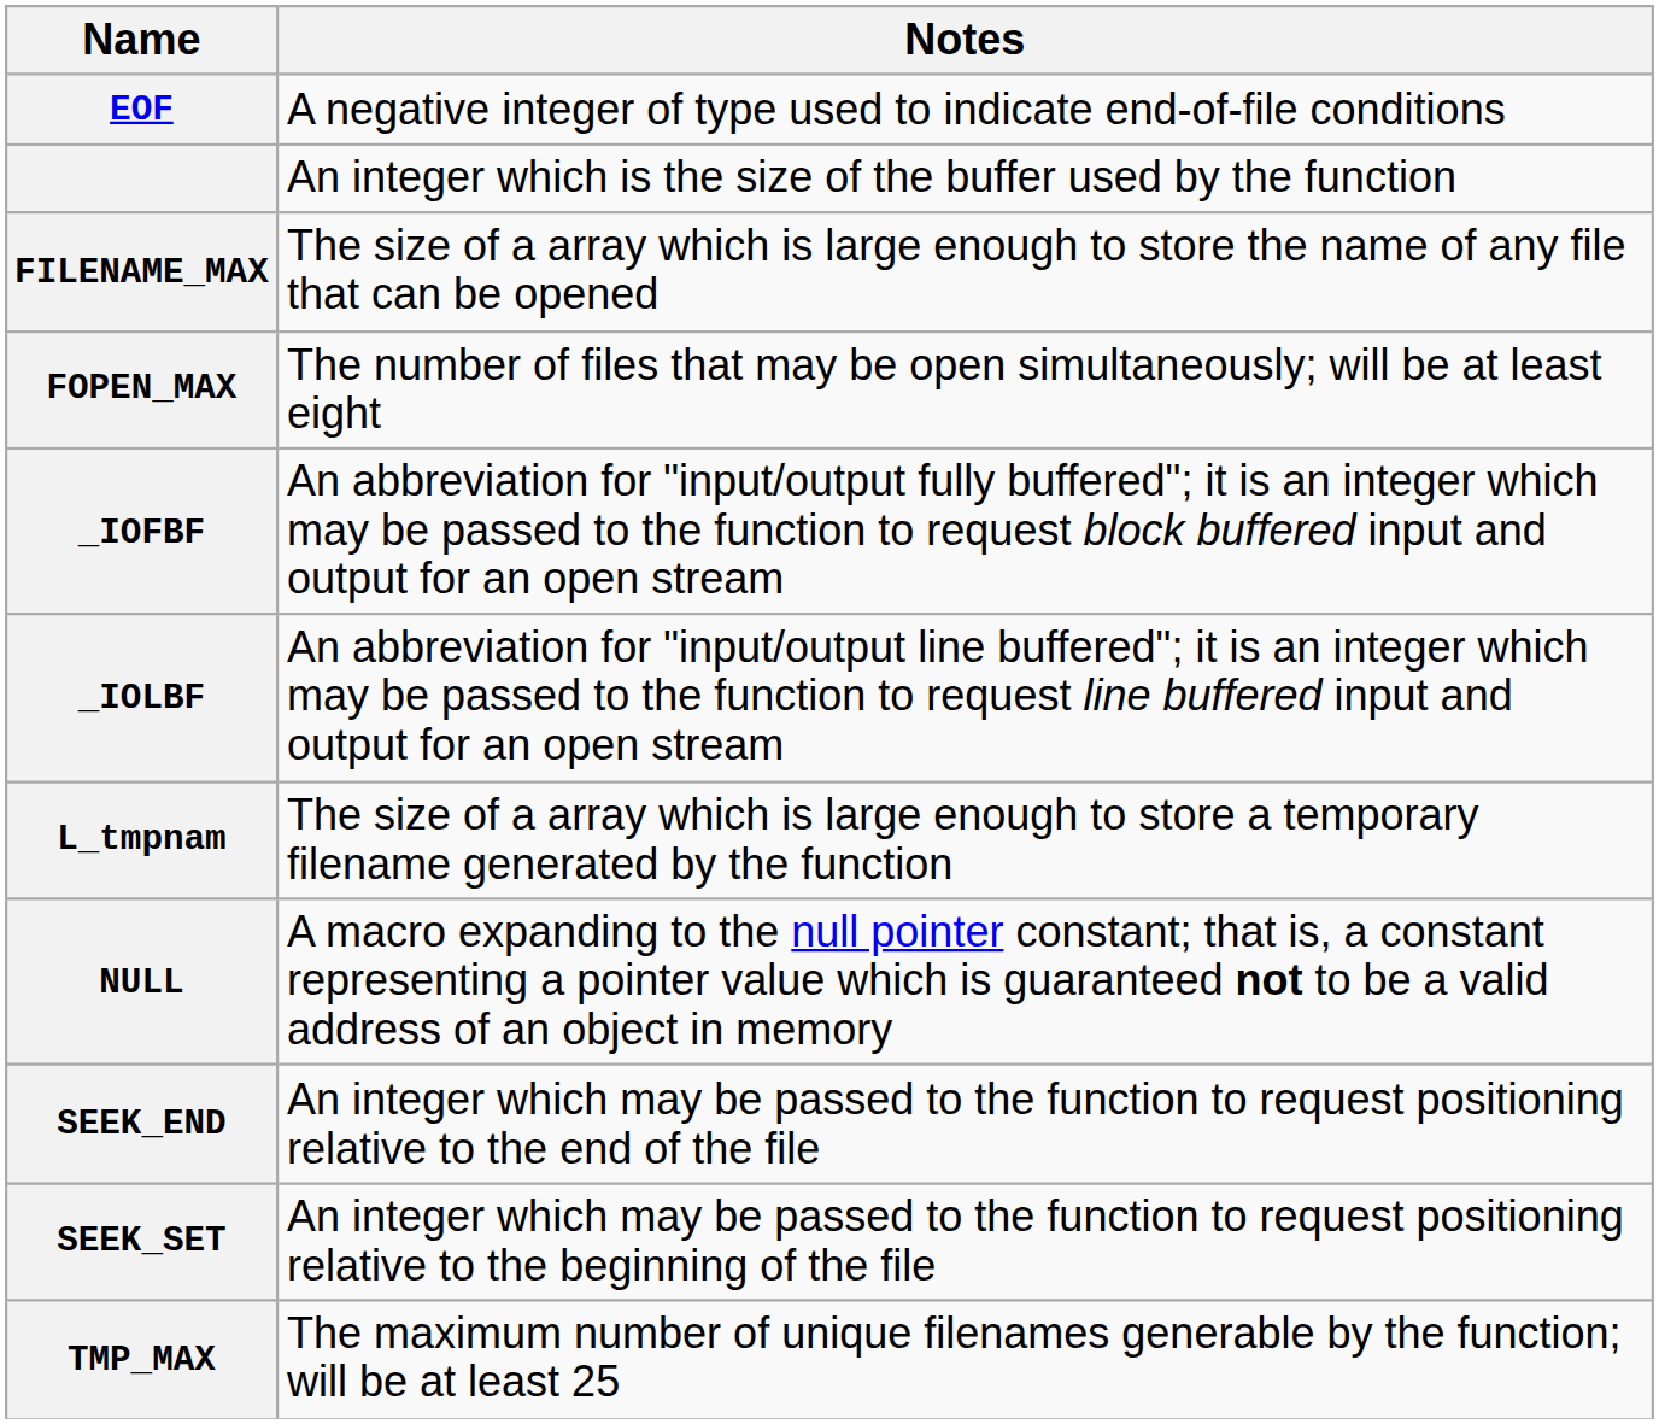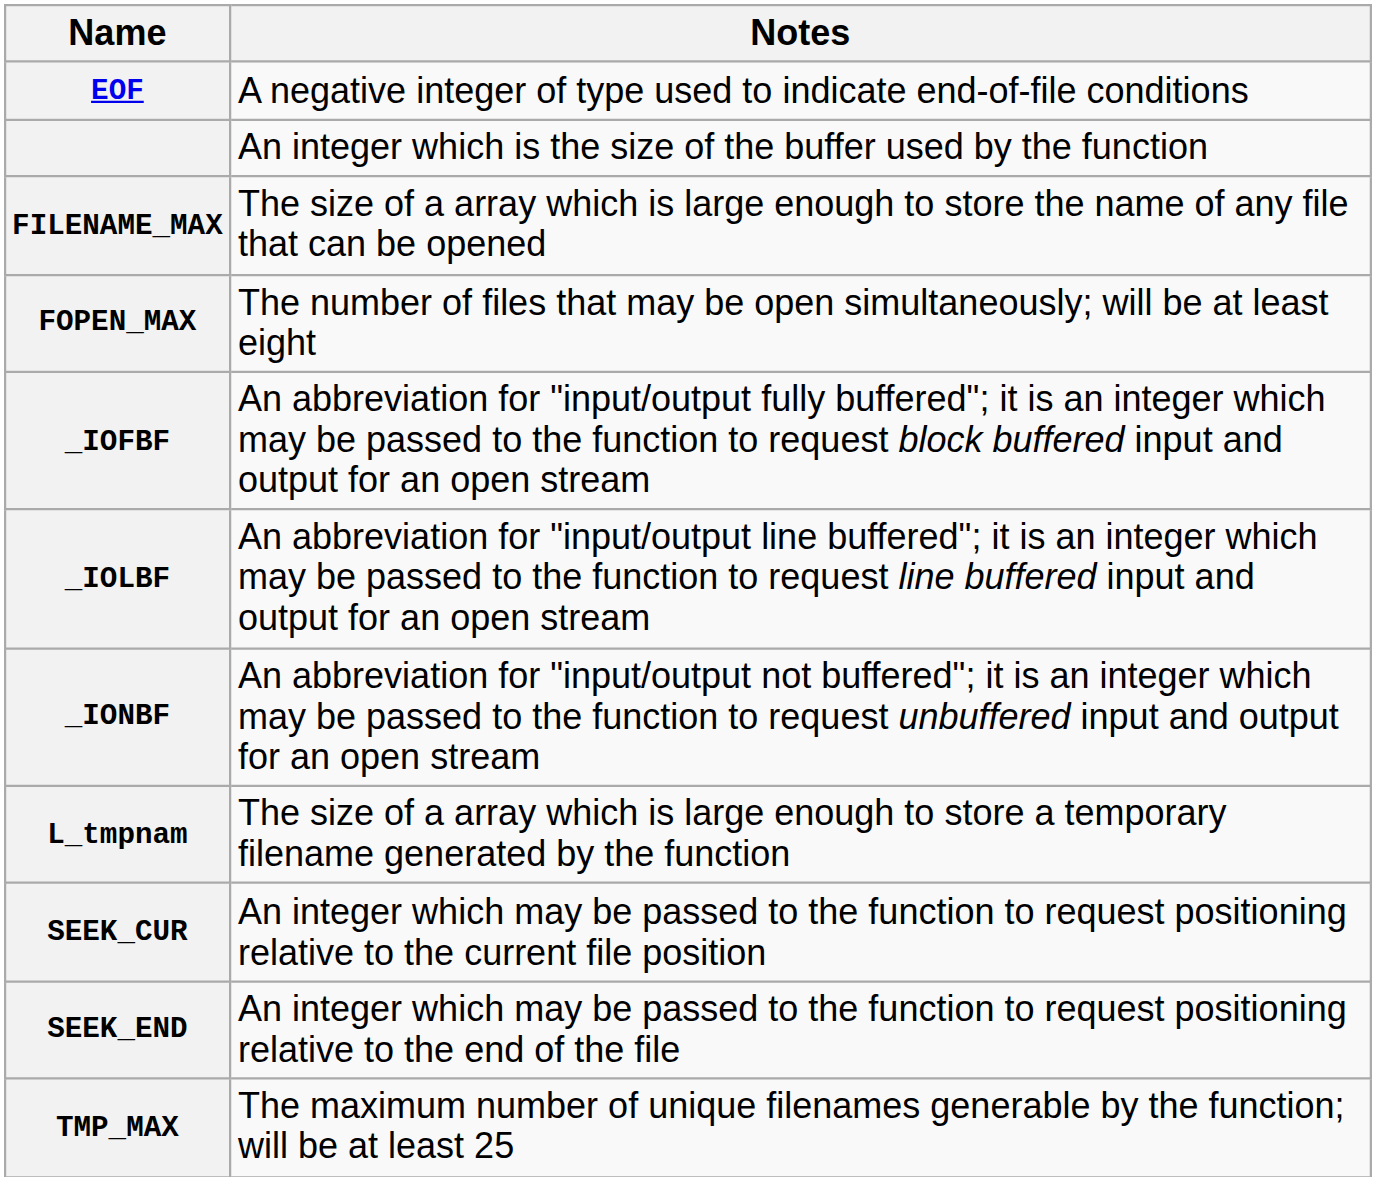 <table class="wikitable">
 <tr>
 <th>Name</th>
 <th>Notes</th>
 </tr>
 <tr>
 <th style="font-family:monospace"><a href='#'>EOF</a></th>
 <td>A negative integer of type  used to indicate end-of-file conditions</td>
 </tr>
 <tr>
 <th style="font-family:monospace"> </th>
 <td>An integer which is the size of the buffer used by the  function</td>
 </tr>
 <tr>
 <th style="font-family:monospace">FILENAME_MAX</th>
 <td>The size of a  array which is large enough to store the name of any file that can be opened</td>
 </tr>
 <tr>
 <th style="font-family:monospace">FOPEN_MAX</th>
 <td>The number of files that may be open simultaneously; will be at least eight</td>
 </tr>
 <tr>
 <th style="font-family:monospace">_IOFBF</th>
 <td>An abbreviation for "input/output fully buffered"; it is an integer which may be passed to the  function to request <em>block buffered</em> input and output for an open stream</td>
 </tr>
 <tr>
 <th style="font-family:monospace">_IOLBF</th>
 <td>An abbreviation for "input/output line buffered"; it is an integer which may be passed to the  function to request <em>line buffered</em> input and output for an open stream</td>
 </tr>
 <tr>
+<th style="font-family:monospace">_IONBF</th>
+<td>An abbreviation for "input/output not buffered"; it is an integer which may be passed to the  function to request <em>unbuffered</em> input and output for an open stream</td>
+</tr>
+<tr>
 <th style="font-family:monospace">L_tmpnam</th>
 <td>The size of a  array which is large enough to store a temporary filename generated by the  function</td>
 </tr>
 <tr>
-<th style="font-family:monospace">NULL</th>
-<td>A macro expanding to the <a href='#'>null pointer</a> constant; that is, a constant representing a pointer value which is guaranteed <strong>not</strong> to be a valid address of an object in memory</td>
+<th style="font-family:monospace">SEEK_CUR</th>
+<td>An integer which may be passed to the  function to request positioning relative to the current file position</td>
 </tr>
 <tr>
 <th style="font-family:monospace">SEEK_END</th>
 <td>An integer which may be passed to the  function to request positioning relative to the end of the file</td>
 </tr>
 <tr>
-<th style="font-family:monospace">SEEK_SET</th>
-<td>An integer which may be passed to the  function to request positioning relative to the beginning of the file</td>
-</tr>
-<tr>
 <th style="font-family:monospace">TMP_MAX</th>
 <td>The maximum number of unique filenames generable by the  function; will be at least 25</td>
 </tr>
 </table>
